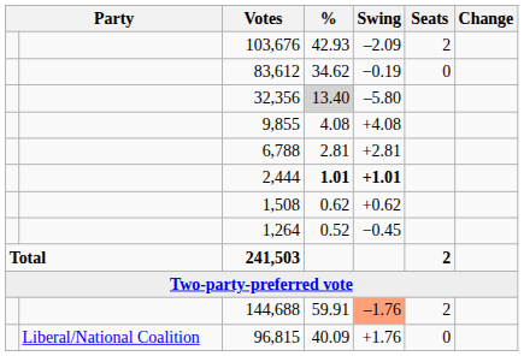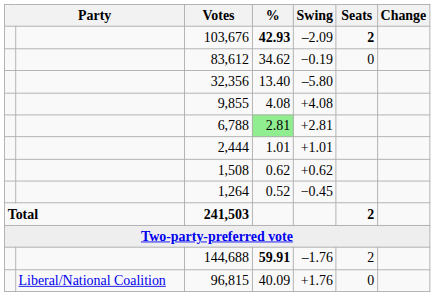 <table class="wikitable">
 <tr>
 <th style="width:200px" colspan=2><strong>Party</strong></th>
 <th style="width:70px; text-align:center;"><strong>Votes</strong></th>
 <th style="width:40px; text-align:center;"><strong>%</strong></th>
 <th style="width:40px; text-align:center;"><strong>Swing</strong></th>
 <th style="width:40px; text-align:center;"><strong>Seats</strong></th>
 <th style="width:40px; text-align:center;"><strong>Change</strong></th>
 </tr>
 <tr>
 <td> </td>
 <td></td>
 <td align=right>103,676</td>
-<td align=right>42.93</td>
+<td align=right><strong>42.93</strong></td>
 <td align=right>–2.09</td>
-<td align=right>2</td>
+<td align=right><strong>2</strong></td>
 <td align=right></td>
 </tr>
 <tr>
 <td> </td>
 <td></td>
 <td align=right>83,612</td>
 <td align=right>34.62</td>
 <td align=right>−0.19</td>
 <td align=right>0</td>
 <td align=right></td>
 </tr>
 <tr>
 <td> </td>
 <td></td>
 <td align=right>32,356</td>
-<td align=right style="background: lightgrey;">13.40</td>
+<td align=right>13.40</td>
 <td align=right>–5.80</td>
 <td align=right></td>
 <td align=right></td>
 </tr>
 <tr>
 <td> </td>
 <td></td>
 <td align=right>9,855</td>
 <td align=right>4.08</td>
 <td align=right>+4.08</td>
 <td align=right></td>
 <td align=right></td>
 </tr>
 <tr>
 <td> </td>
 <td></td>
 <td align=right>6,788</td>
-<td align=right>2.81</td>
+<td align=right style="background: lightgreen;">2.81</td>
 <td align=right>+2.81</td>
 <td align=right></td>
 <td align=right></td>
 </tr>
 <tr>
 <td> </td>
 <td></td>
 <td align=right>2,444</td>
-<td align=right><strong>1.01</strong></td>
-<td align=right><strong>+1.01</strong></td>
+<td align=right>1.01</td>
+<td align=right>+1.01</td>
 <td align=right></td>
 <td align=right></td>
 </tr>
 <tr>
 <td> </td>
 <td></td>
 <td align=right>1,508</td>
 <td align=right>0.62</td>
 <td align=right>+0.62</td>
 <td align=right></td>
 <td align=right></td>
 </tr>
 <tr>
 <td> </td>
 <td></td>
 <td align=right>1,264</td>
 <td align=right>0.52</td>
 <td align=right>−0.45</td>
 <td align=right></td>
 <td align=right></td>
 </tr>
 <tr>
 <td colspan=2><strong>Total</strong></td>
 <td align=right><strong>241,503</strong></td>
 <td align=right> </td>
 <td align=right> </td>
 <td align=right><strong>2</strong></td>
 <td align=right></td>
 </tr>
 <tr>
 <td colspan="7" style="text-align:center; background:#eee;"><strong><a href='#'>Two-party-preferred vote</a></strong></td>
 </tr>
 <tr>
 <td> </td>
 <td></td>
 <td align=right>144,688</td>
-<td align=right>59.91</td>
-<td align=right style="background: lightsalmon;">–1.76</td>
+<td align=right><strong>59.91</strong></td>
+<td align=right>–1.76</td>
 <td align=right>2</td>
 <td align=right></td>
 </tr>
 <tr>
 <td> </td>
 <td><a href='#'>Liberal/National Coalition</a></td>
 <td align=right>96,815</td>
 <td align=right>40.09</td>
 <td align=right>+1.76</td>
 <td align=right>0</td>
 <td align=right></td>
 </tr>
 </table>
